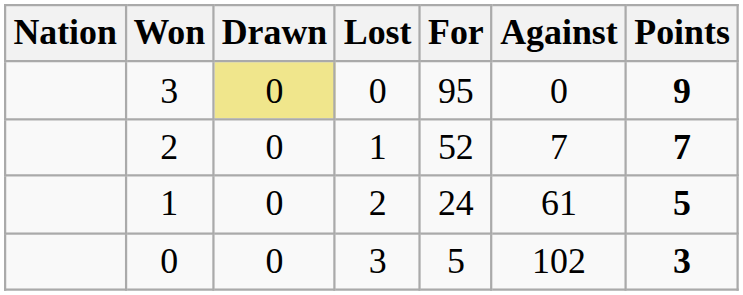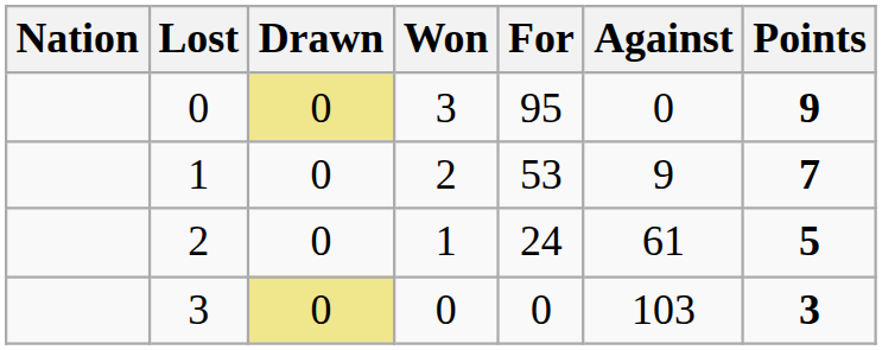 <table class="wikitable" style="text-align: center;">
 <tr>
 <th>Nation</th>
+<th>Lost</th>
+<th>Drawn</th>
 <th>Won</th>
-<th>Drawn</th>
-<th>Lost</th>
 <th>For</th>
 <th>Against</th>
 <th>Points</th>
 </tr>
 <tr>
 <td align="left"></td>
+<td>0</td>
+<td style="background: khaki;">0</td>
 <td>3</td>
-<td style="background: khaki;">0</td>
-<td>0</td>
 <td>95</td>
 <td>0</td>
 <td><strong>9</strong></td>
 </tr>
 <tr>
 <td align="left"></td>
+<td>1</td>
+<td>0</td>
 <td>2</td>
-<td>0</td>
-<td>1</td>
-<td>52</td>
-<td>7</td>
+<td>53</td>
+<td>9</td>
 <td><strong>7</strong></td>
 </tr>
 <tr>
 <td align="left"></td>
+<td>2</td>
+<td>0</td>
 <td>1</td>
-<td>0</td>
-<td>2</td>
 <td>24</td>
 <td>61</td>
 <td><strong>5</strong></td>
 </tr>
 <tr>
 <td align="left"></td>
+<td>3</td>
+<td style="background: khaki;">0</td>
 <td>0</td>
 <td>0</td>
-<td>3</td>
-<td>5</td>
-<td>102</td>
+<td>103</td>
 <td><strong>3</strong></td>
 </tr>
 </table>
